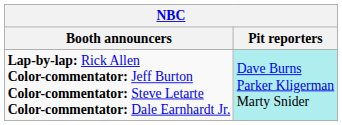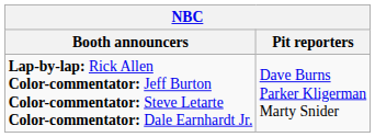 <table class="wikitable" style="font-size: 95%">
 <tr>
 <th colspan="2"><a href='#'>NBC</a></th>
 </tr>
 <tr>
 <th>Booth announcers</th>
 <th>Pit reporters</th>
 </tr>
 <tr>
 <td><strong>Lap-by-lap:</strong> <a href='#'>Rick Allen</a><br><strong>Color-commentator:</strong> <a href='#'>Jeff Burton</a><br><strong>Color-commentator:</strong> <a href='#'>Steve Letarte</a><br><strong>Color-commentator:</strong> <a href='#'>Dale Earnhardt Jr.</a></td>
-<td style="background: paleturquoise;"><a href='#'>Dave Burns</a><br><a href='#'>Parker Kligerman</a><br>Marty Snider</td>
+<td><a href='#'>Dave Burns</a><br><a href='#'>Parker Kligerman</a><br>Marty Snider</td>
 </tr>
 </table>
